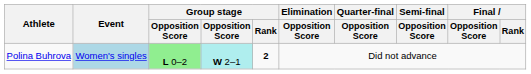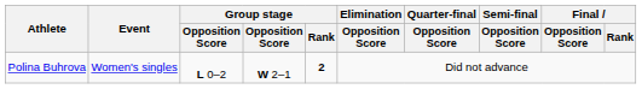 <table class="wikitable" style="font-size:90%">
 <tr>
 <th rowspan="2">Athlete</th>
 <th rowspan="2">Event</th>
 <th colspan="3">Group stage</th>
 <th>Elimination</th>
 <th>Quarter-final</th>
 <th>Semi-final</th>
 <th colspan="2">Final / </th>
 </tr>
 <tr style="font-size:95%">
 <th>Opposition<br>Score</th>
 <th>Opposition<br>Score</th>
 <th>Rank</th>
 <th>Opposition<br>Score</th>
 <th>Opposition<br>Score</th>
 <th>Opposition<br>Score</th>
 <th>Opposition<br>Score</th>
 <th>Rank</th>
 </tr>
 <tr align="center">
 <td align="left"><a href='#'>Polina Buhrova</a></td>
-<td align="left" style="background: lightblue;"><a href='#'>Women's singles</a></td>
-<td style="background: lightgreen;"><br><strong>L</strong> 0–2</td>
-<td style="background: paleturquoise;"><br><strong>W</strong> 2–1</td>
+<td align="left"><a href='#'>Women's singles</a></td>
+<td><br><strong>L</strong> 0–2</td>
+<td><br><strong>W</strong> 2–1</td>
 <td><strong>2</strong></td>
 <td colspan="5">Did not advance</td>
 </tr>
 </table>
